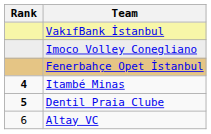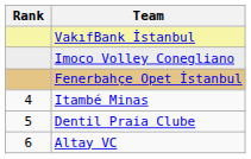 <table class="wikitable" style="text-align: center;">
 <tr>
 <th width=40>Rank</th>
 <th>Team</th>
 </tr>
 <tr bgcolor=f7f6a8>
 <td></td>
 <td align=left> <a href='#'>VakıfBank İstanbul</a></td>
 </tr>
 <tr bgcolor=ededed>
 <td></td>
 <td align=left> <a href='#'>Imoco Volley Conegliano</a></td>
 </tr>
 <tr bgcolor=e5c585>
 <td></td>
 <td align=left> <a href='#'>Fenerbahçe Opet İstanbul</a></td>
 </tr>
 <tr>
-<td><strong>4</strong></td>
+<td>4</td>
 <td align=left> <a href='#'>Itambé Minas</a></td>
 </tr>
 <tr>
-<td><strong>5</strong></td>
+<td>5</td>
 <td align=left> <a href='#'>Dentil Praia Clube</a></td>
 </tr>
 <tr>
 <td>6</td>
 <td align=left> <a href='#'>Altay VC</a></td>
 </tr>
 </table>
